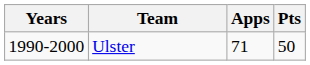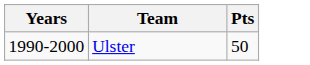 <table class="wikitable" style="text-align:left;">
 <tr>
 <th>Years</th>
 <th width=120px>Team</th>
-<th>Apps</th>
 <th>Pts</th>
 </tr>
 <tr>
 <td>1990-2000</td>
 <td><a href='#'>Ulster</a></td>
-<td>71</td>
 <td>50</td>
 </tr>
 </table>
